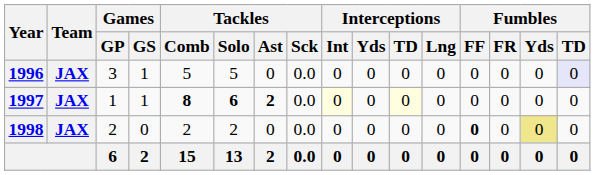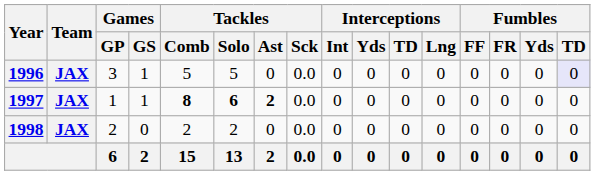 <table class="wikitable" style="text-align:center">
 <tr>
 <th rowspan="2">Year</th>
 <th rowspan="2">Team</th>
 <th colspan="2">Games</th>
 <th colspan="4">Tackles</th>
 <th colspan="4">Interceptions</th>
 <th colspan="4">Fumbles</th>
 </tr>
 <tr>
 <th>GP</th>
 <th>GS</th>
 <th>Comb</th>
 <th>Solo</th>
 <th>Ast</th>
 <th>Sck</th>
 <th>Int</th>
 <th>Yds</th>
 <th>TD</th>
 <th>Lng</th>
 <th>FF</th>
 <th>FR</th>
 <th>Yds</th>
 <th>TD</th>
 </tr>
 <tr>
 <th><a href='#'>1996</a></th>
 <th><a href='#'>JAX</a></th>
 <td>3</td>
 <td>1</td>
 <td>5</td>
 <td>5</td>
 <td>0</td>
 <td>0.0</td>
 <td>0</td>
 <td>0</td>
 <td>0</td>
 <td>0</td>
 <td>0</td>
 <td>0</td>
 <td>0</td>
 <td style="background: lavender;">0</td>
 </tr>
 <tr>
 <th><a href='#'>1997</a></th>
 <th><a href='#'>JAX</a></th>
 <td>1</td>
 <td>1</td>
 <td><strong>8</strong></td>
 <td><strong>6</strong></td>
 <td><strong>2</strong></td>
 <td>0.0</td>
-<td style="background: lightyellow;">0</td>
 <td>0</td>
-<td style="background: lightyellow;">0</td>
+<td>0</td>
+<td>0</td>
 <td>0</td>
 <td>0</td>
 <td>0</td>
 <td>0</td>
 <td>0</td>
 </tr>
 <tr>
 <th><a href='#'>1998</a></th>
 <th><a href='#'>JAX</a></th>
 <td>2</td>
 <td>0</td>
 <td>2</td>
 <td>2</td>
 <td>0</td>
 <td>0.0</td>
 <td>0</td>
 <td>0</td>
 <td>0</td>
 <td>0</td>
-<td><strong>0</strong></td>
 <td>0</td>
-<td style="background: khaki;">0</td>
+<td>0</td>
+<td>0</td>
 <td>0</td>
 </tr>
 <tr>
 <th colspan="2"></th>
 <th>6</th>
 <th>2</th>
 <th>15</th>
 <th>13</th>
 <th>2</th>
 <th>0.0</th>
 <th>0</th>
 <th>0</th>
 <th>0</th>
 <th>0</th>
 <th>0</th>
 <th>0</th>
 <th>0</th>
 <th>0</th>
 </tr>
 </table>
